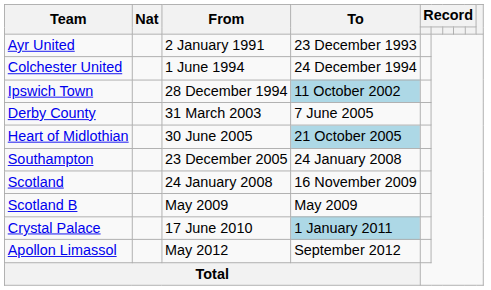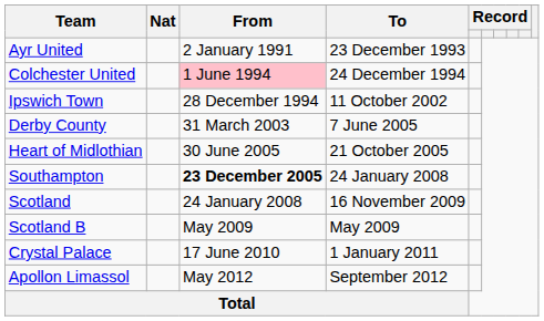 <table class=wikitable style="text-align: center">
 <tr>
 <th rowspan=2 scope=col>Team</th>
 <th rowspan=2 scope=col>Nat</th>
 <th rowspan=2 scope=col>From</th>
 <th rowspan=2 scope=col>To</th>
 <th colspan=5 scope=col>Record</th>
 <th rowspan=2 scope=col></th>
 </tr>
 <tr>
 <th></th>
 <th></th>
 <th></th>
 <th></th>
 <th></th>
 </tr>
 <tr>
 <td style="text-align:left;" scope="row"><a href='#'>Ayr United</a></td>
 <td></td>
 <td align=left>2 January 1991</td>
 <td align=left>23 December 1993<br></td>
 <td></td>
 </tr>
 <tr>
 <td style="text-align:left;" scope="row"><a href='#'>Colchester United</a></td>
 <td></td>
-<td align=left>1 June 1994</td>
+<td align=left style="background: pink;">1 June 1994</td>
 <td align=left>24 December 1994<br></td>
 <td></td>
 </tr>
 <tr>
 <td style="text-align:left;" scope="row"><a href='#'>Ipswich Town</a></td>
 <td></td>
 <td align=left>28 December 1994</td>
-<td align=left style="background: lightblue;">11 October 2002<br></td>
+<td align=left>11 October 2002<br></td>
 <td></td>
 </tr>
 <tr>
 <td style="text-align:left;" scope="row"><a href='#'>Derby County</a></td>
 <td></td>
 <td align=left>31 March 2003</td>
 <td align=left>7 June 2005<br></td>
 <td></td>
 </tr>
 <tr>
 <td style="text-align:left;" scope="row"><a href='#'>Heart of Midlothian</a></td>
 <td></td>
 <td align=left>30 June 2005</td>
-<td align=left style="background: lightblue;">21 October 2005<br></td>
+<td align=left>21 October 2005<br></td>
 <td></td>
 </tr>
 <tr>
 <td style="text-align:left;" scope="row"><a href='#'>Southampton</a></td>
 <td></td>
-<td align=left>23 December 2005</td>
+<td align=left><strong>23 December 2005</strong></td>
 <td align=left>24 January 2008<br></td>
 <td></td>
 </tr>
 <tr>
 <td style="text-align:left;" scope="row"><a href='#'>Scotland</a></td>
 <td></td>
 <td align=left>24 January 2008</td>
 <td align=left>16 November 2009<br></td>
 <td></td>
 </tr>
 <tr>
 <td style="text-align:left;" scope="row"><a href='#'>Scotland B</a></td>
 <td></td>
 <td align=left>May 2009</td>
 <td align=left>May 2009<br></td>
 <td></td>
 </tr>
 <tr>
 <td style="text-align:left;" scope="row"><a href='#'>Crystal Palace</a></td>
 <td></td>
 <td align=left>17 June 2010</td>
-<td align=left style="background: lightblue;">1 January 2011<br></td>
+<td align=left>1 January 2011<br></td>
 <td></td>
 </tr>
 <tr>
 <td style="text-align:left;" scope="row"><a href='#'>Apollon Limassol</a></td>
 <td></td>
 <td align=left>May 2012</td>
 <td align=left>September 2012<br></td>
 <td></td>
 </tr>
 <tr>
 <th colspan=4 scope=row>Total<br></th>
 </tr>
 </table>
